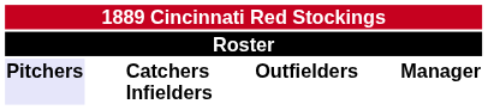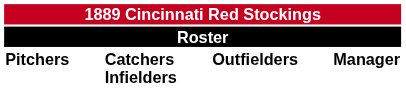 <table class="toccolours" style="font-size: 95%;">
 <tr>
 <th colspan="10" style="background-color: #c6011f; color: white; text-align: center;">1889 Cincinnati Red Stockings</th>
 </tr>
 <tr>
 <td colspan="10" style="background-color: black; color: white; text-align: center;"><strong>Roster</strong></td>
 </tr>
 <tr>
-<td valign="top" style="background: lavender;"><strong>Pitchers</strong><br>     </td>
+<td valign="top"><strong>Pitchers</strong><br>     </td>
 <td width="25px"></td>
 <td valign="top"><strong>Catchers</strong><br>  <strong>Infielders</strong>    </td>
 <td width="25px"></td>
 <td valign="top"><strong>Outfielders</strong><br>   </td>
 <td width="25px"></td>
 <td valign="top"><strong>Manager</strong><br></td>
 </tr>
 </table>
